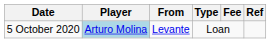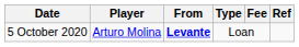 <table class="wikitable">
 <tr>
 <th>Date</th>
 <th>Player</th>
 <th>From</th>
 <th>Type</th>
 <th>Fee</th>
 <th>Ref</th>
 </tr>
 <tr>
 <td>5 October 2020</td>
-<td style="background: lightblue;"> <a href='#'>Arturo Molina</a></td>
-<td><a href='#'>Levante</a></td>
+<td> <a href='#'>Arturo Molina</a></td>
+<td><strong><a href='#'>Levante</a></strong></td>
 <td align=center colspan=2>Loan</td>
 <td align=center></td>
 </tr>
 </table>
